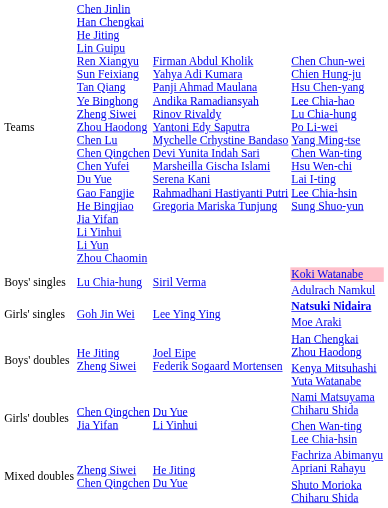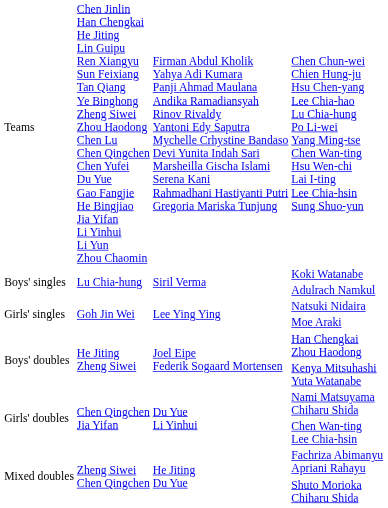 <table>
 <tr>
 <td>Teams<br></td>
 <td> <br><a href='#'>Chen Jinlin</a><br> <a href='#'>Han Chengkai</a><br> <a href='#'>He Jiting</a><br> <a href='#'>Lin Guipu</a><br> <a href='#'>Ren Xiangyu</a><br> <a href='#'>Sun Feixiang</a><br> <a href='#'>Tan Qiang</a><br> <a href='#'>Ye Binghong</a><br> <a href='#'>Zheng Siwei</a><br> <a href='#'>Zhou Haodong</a><br> <a href='#'>Chen Lu</a><br> <a href='#'>Chen Qingchen</a><br> <a href='#'>Chen Yufei</a><br> <a href='#'>Du Yue</a><br> <a href='#'>Gao Fangjie</a><br> <a href='#'>He Bingjiao</a><br> <a href='#'>Jia Yifan</a><br> <a href='#'>Li Yinhui</a><br> <a href='#'>Li Yun</a><br><a href='#'>Zhou Chaomin</a></td>
 <td> <br><a href='#'>Firman Abdul Kholik</a><br> <a href='#'>Yahya Adi Kumara</a><br> <a href='#'>Panji Ahmad Maulana</a><br> <a href='#'>Andika Ramadiansyah</a><br> <a href='#'>Rinov Rivaldy</a><br> <a href='#'>Yantoni Edy Saputra</a><br> <a href='#'>Mychelle Crhystine Bandaso</a><br> <a href='#'>Devi Yunita Indah Sari</a><br> <a href='#'>Marsheilla Gischa Islami</a><br> <a href='#'>Serena Kani</a><br> <a href='#'>Rahmadhani Hastiyanti Putri</a><br> <a href='#'>Gregoria Mariska Tunjung</a></td>
 <td> <br><a href='#'>Chen Chun-wei</a><br><a href='#'>Chien Hung-ju</a><br><a href='#'>Hsu Chen-yang</a><br><a href='#'>Lee Chia-hao</a><br><a href='#'>Lu Chia-hung</a><br><a href='#'>Po Li-wei</a><br><a href='#'>Yang Ming-tse</a><br><a href='#'>Chen Wan-ting</a><br><a href='#'>Hsu Wen-chi</a><br><a href='#'>Lai I-ting</a><br><a href='#'>Lee Chia-hsin</a><br><a href='#'>Sung Shuo-yun</a></td>
 </tr>
 <tr>
 <td rowspan=2>Boys' singles<br></td>
 <td rowspan=2> <a href='#'>Lu Chia-hung</a></td>
 <td rowspan=2> <a href='#'>Siril Verma</a></td>
-<td style="background: pink;"> <a href='#'>Koki Watanabe</a></td>
+<td> <a href='#'>Koki Watanabe</a></td>
 </tr>
 <tr>
 <td> <a href='#'>Adulrach Namkul</a></td>
 </tr>
 <tr>
 <td rowspan=2>Girls' singles<br></td>
 <td rowspan=2> <a href='#'>Goh Jin Wei</a></td>
 <td rowspan=2> <a href='#'>Lee Ying Ying</a></td>
-<td><strong> <a href='#'>Natsuki Nidaira</a></strong></td>
+<td> <a href='#'>Natsuki Nidaira</a></td>
 </tr>
 <tr>
 <td> <a href='#'>Moe Araki</a></td>
 </tr>
 <tr>
 <td rowspan=2>Boys' doubles<br></td>
 <td rowspan=2> <a href='#'>He Jiting</a><br> <a href='#'>Zheng Siwei</a></td>
 <td rowspan=2> <a href='#'>Joel Eipe</a><br> <a href='#'>Federik Sogaard Mortensen</a></td>
 <td> <a href='#'>Han Chengkai</a><br> <a href='#'>Zhou Haodong</a></td>
 </tr>
 <tr>
 <td> <a href='#'>Kenya Mitsuhashi</a><br> <a href='#'>Yuta Watanabe</a></td>
 </tr>
 <tr>
 <td rowspan=2>Girls' doubles<br></td>
 <td rowspan=2> <a href='#'>Chen Qingchen</a><br> <a href='#'>Jia Yifan</a></td>
 <td rowspan=2> <a href='#'>Du Yue</a><br> <a href='#'>Li Yinhui</a></td>
 <td> <a href='#'>Nami Matsuyama</a><br> <a href='#'>Chiharu Shida</a></td>
 </tr>
 <tr>
 <td> <a href='#'>Chen Wan-ting</a><br> <a href='#'>Lee Chia-hsin</a></td>
 </tr>
 <tr>
 <td rowspan=2>Mixed doubles<br></td>
 <td rowspan=2> <a href='#'>Zheng Siwei</a><br> <a href='#'>Chen Qingchen</a></td>
 <td rowspan=2> <a href='#'>He Jiting</a><br> <a href='#'>Du Yue</a></td>
 <td> <a href='#'>Fachriza Abimanyu</a><br> <a href='#'>Apriani Rahayu</a></td>
 </tr>
 <tr>
 <td> <a href='#'>Shuto Morioka</a><br> <a href='#'>Chiharu Shida</a></td>
 </tr>
 </table>
